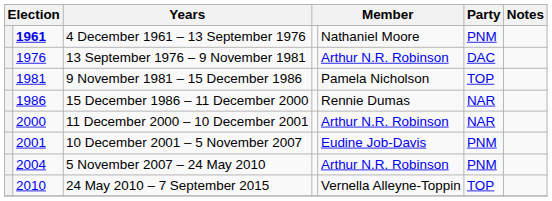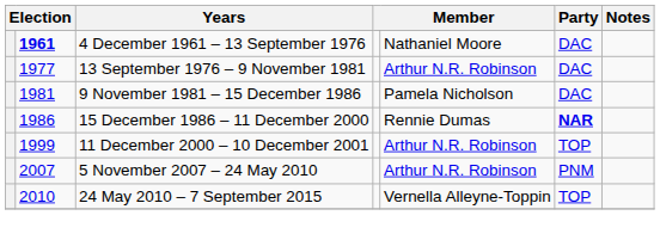 <table class="wikitable sortable" style="valign:top">
 <tr>
 <th colspan="2">Election</th>
 <th>Years</th>
 <th colspan="2">Member</th>
 <th>Party</th>
 <th>Notes</th>
 </tr>
 <tr>
 <th style="background-color: "></th>
 <td><strong><a href='#'>1961</a></strong></td>
 <td>4 December 1961 – 13 September 1976</td>
 <td></td>
 <td>Nathaniel Moore</td>
-<td><a href='#'>PNM</a></td>
+<td><a href='#'>DAC</a></td>
 <td></td>
 </tr>
 <tr>
 <th style="background-color: "></th>
-<td><a href='#'>1976</a></td>
+<td><a href='#'>1977</a></td>
 <td>13 September 1976 – 9 November 1981</td>
 <td></td>
 <td><a href='#'>Arthur N.R. Robinson</a></td>
 <td><a href='#'>DAC</a></td>
 <td></td>
 </tr>
 <tr>
 <th style="background-color: "></th>
 <td><a href='#'>1981</a></td>
 <td>9 November 1981 – 15 December 1986</td>
 <td></td>
 <td>Pamela Nicholson</td>
-<td><a href='#'>TOP</a></td>
+<td><a href='#'>DAC</a></td>
 <td></td>
 </tr>
 <tr>
 <th style="background-color: "></th>
 <td><a href='#'>1986</a></td>
 <td>15 December 1986 – 11 December 2000</td>
 <td></td>
 <td>Rennie Dumas</td>
-<td><a href='#'>NAR</a></td>
+<td><strong><a href='#'>NAR</a></strong></td>
 <td></td>
 </tr>
 <tr>
 <th style="background-color: "></th>
-<td><a href='#'>2000</a></td>
+<td><a href='#'>1999</a></td>
 <td>11 December 2000 – 10 December 2001</td>
 <td></td>
 <td><a href='#'>Arthur N.R. Robinson</a></td>
-<td><a href='#'>NAR</a></td>
+<td><a href='#'>TOP</a></td>
 <td></td>
 </tr>
 <tr>
 <th style="background-color: "></th>
-<td><a href='#'>2001</a></td>
-<td>10 December 2001 – 5 November 2007</td>
-<td></td>
-<td><a href='#'>Eudine Job-Davis</a></td>
-<td><a href='#'>PNM</a></td>
-<td></td>
-</tr>
-<tr>
-<th style="background-color: "></th>
-<td><a href='#'>2004</a></td>
+<td><a href='#'>2007</a></td>
 <td>5 November 2007 – 24 May 2010</td>
 <td></td>
 <td><a href='#'>Arthur N.R. Robinson</a></td>
 <td><a href='#'>PNM</a></td>
 <td></td>
 </tr>
 <tr>
 <th style="background-color: "></th>
 <td><a href='#'>2010</a></td>
 <td>24 May 2010 – 7 September 2015</td>
 <td></td>
 <td>Vernella Alleyne-Toppin</td>
 <td><a href='#'>TOP</a></td>
 <td></td>
 </tr>
 <tr>
 </tr>
 </table>
